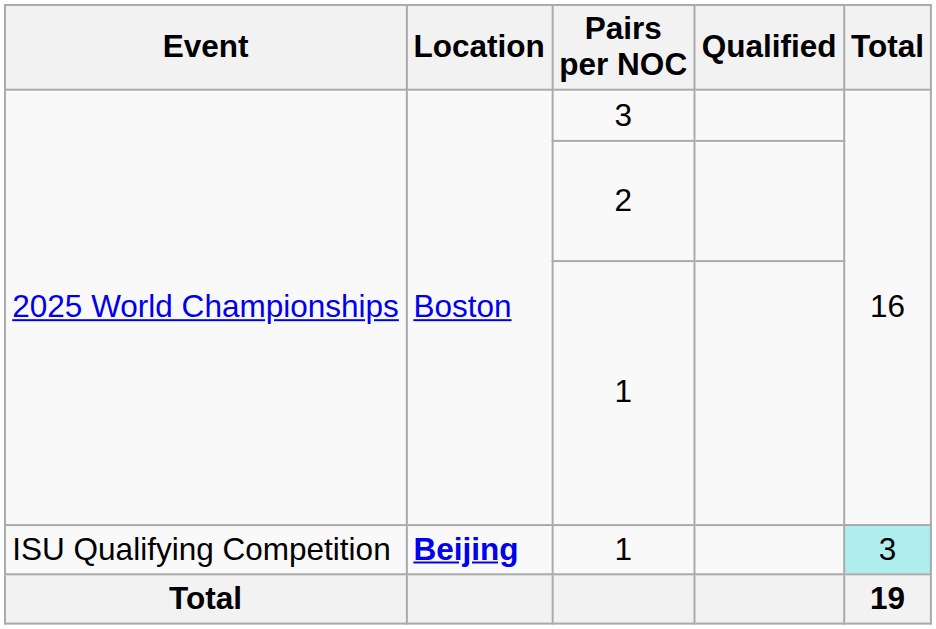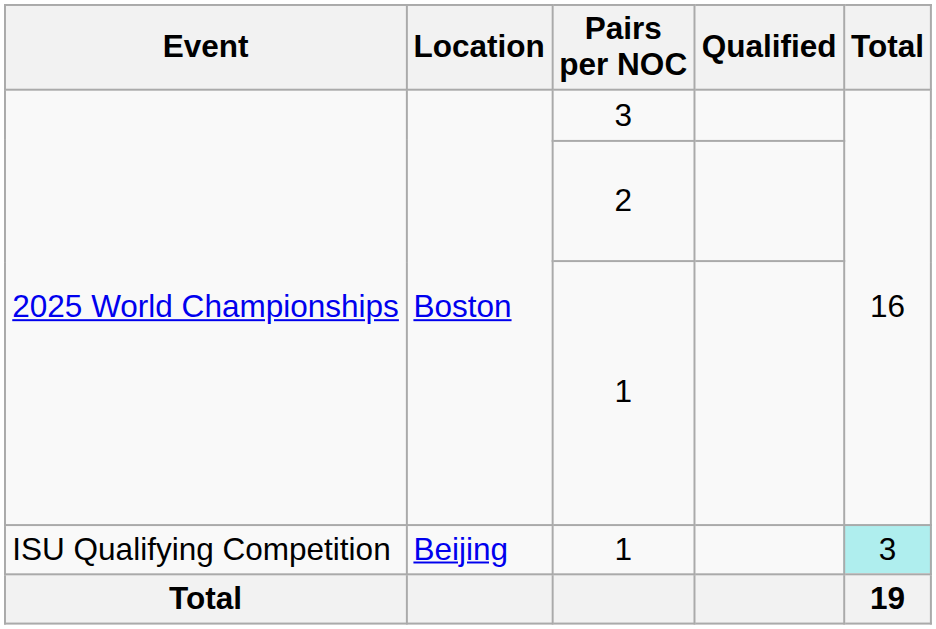 <table class="wikitable">
 <tr>
 <th>Event</th>
 <th>Location</th>
 <th>Pairs<br> per NOC</th>
 <th>Qualified</th>
 <th>Total</th>
 </tr>
 <tr>
 <td rowspan = 3><a href='#'>2025 World Championships</a></td>
 <td rowspan = 3> <a href='#'>Boston</a></td>
 <td align=center>3</td>
 <td></td>
 <td rowspan = 3 align=center>16</td>
 </tr>
 <tr>
 <td align=center>2</td>
 <td><br><br><br></td>
 </tr>
 <tr>
 <td align=center>1</td>
 <td><br><br><br><br><br><br><br></td>
 </tr>
 <tr>
 <td>ISU Qualifying Competition</td>
-<td><strong> <a href='#'>Beijing</a></strong></td>
+<td> <a href='#'>Beijing</a></td>
 <td align=center>1</td>
 <td></td>
 <td align=center style="background: paleturquoise;">3</td>
 </tr>
 <tr>
 <th>Total</th>
 <th></th>
 <th></th>
 <th></th>
 <th>19</th>
 </tr>
 </table>
